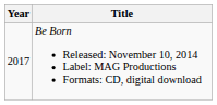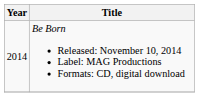 <table class="wikitable">
 <tr>
 <th>Year</th>
 <th width="250">Title</th>
 </tr>
 <tr>
-<td>2017</td>
+<td>2014</td>
 <td align="left"><em>Be Born</em><br><ul><li>Released: November 10, 2014</li><li>Label: MAG Productions</li><li>Formats: CD, digital download</li></ul></td>
 </tr>
 <tr>
 </tr>
 </table>
